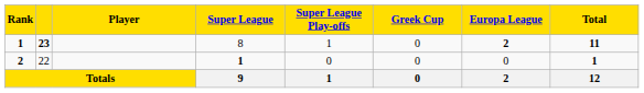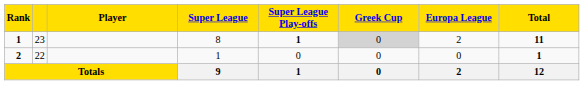 <table class="wikitable sortable" style="text-align:center">
 <tr>
 <th style="background:#FFDE00">Rank</th>
 <th style="background:#FFDE00"></th>
 <th width=200 style="background:#FFDE00">Player</th>
 <th width=120 style="background:#FFDE00"><a href='#'>Super League</a></th>
 <th width=120 style="background:#FFDE00"><a href='#'>Super League Play-offs</a></th>
 <th width=120 style="background:#FFDE00"><a href='#'>Greek Cup</a></th>
 <th width=120 style="background:#FFDE00"><a href='#'>Europa League</a></th>
 <th width=120 style="background:#FFDE00">Total</th>
 </tr>
 <tr>
 <td><strong>1</strong></td>
-<td><strong>23</strong></td>
+<td>23</td>
 <td align=left></td>
 <td>8</td>
-<td>1</td>
-<td>0</td>
-<td><strong>2</strong></td>
+<td><strong>1</strong></td>
+<td style="background: lightgrey;">0</td>
+<td>2</td>
 <td><strong>11</strong></td>
 </tr>
 <tr>
 <td><strong>2</strong></td>
 <td>22</td>
 <td align=left></td>
-<td><strong>1</strong></td>
+<td>1</td>
 <td>0</td>
 <td>0</td>
 <td>0</td>
 <td><strong>1</strong></td>
 </tr>
 <tr class="sortbottom">
 <th colspan=3 style="background:#FFDE00"><strong>Totals</strong></th>
 <th><strong> 9</strong></th>
 <th><strong> 1</strong></th>
 <th><strong> 0</strong></th>
 <th><strong> 2</strong></th>
 <th><strong>12</strong></th>
 </tr>
 </table>
